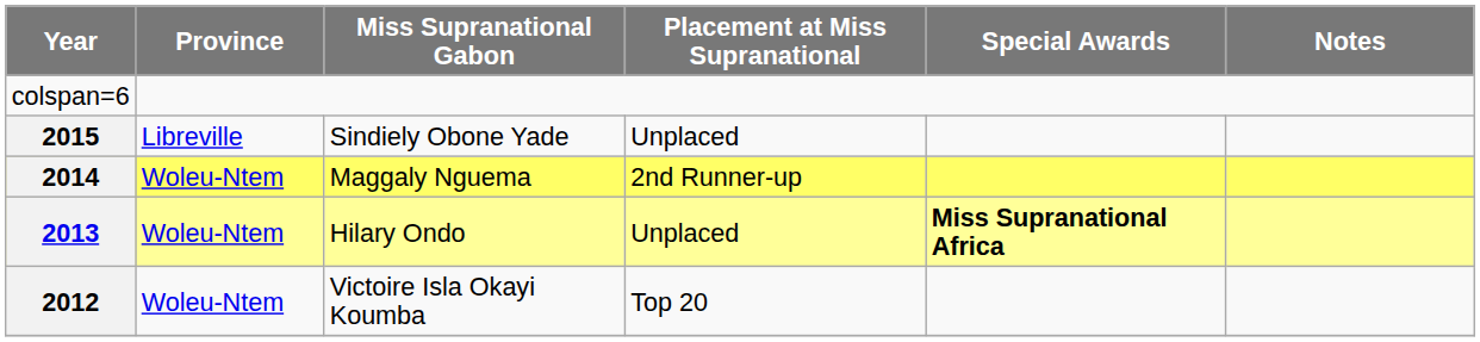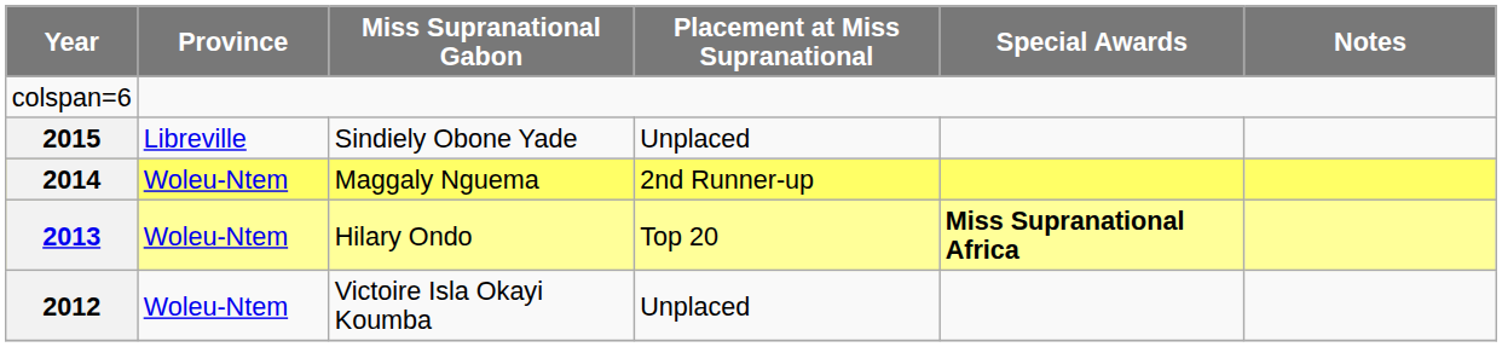 <table class="wikitable " style="font-size: 95%;">
 <tr>
 <th width="60" style="background-color:#787878;color:#FFFFFF;">Year</th>
 <th width="150" style="background-color:#787878;color:#FFFFFF;">Province</th>
 <th width="250" style="background-color:#787878;color:#FFFFFF;">Miss Supranational Gabon</th>
 <th width="250" style="background-color:#787878;color:#FFFFFF;">Placement at Miss Supranational</th>
 <th width="250" style="background-color:#787878;color:#FFFFFF;">Special Awards</th>
 <th width="250" style="background-color:#787878;color:#FFFFFF;">Notes</th>
 </tr>
 <tr>
 <td>colspan=6 </td>
 </tr>
 <tr>
 <th>2015</th>
 <td><a href='#'>Libreville</a></td>
 <td>Sindiely Obone Yade</td>
 <td>Unplaced</td>
 <td></td>
 <td></td>
 </tr>
 <tr style="background-color:#FFFF66; ">
 <th>2014</th>
 <td><a href='#'>Woleu-Ntem</a></td>
 <td>Maggaly Nguema</td>
 <td>2nd Runner-up</td>
 <td></td>
 <td></td>
 </tr>
 <tr style="background-color:#FFFF99;">
 <th><a href='#'>2013</a></th>
 <td><a href='#'>Woleu-Ntem</a></td>
 <td>Hilary Ondo</td>
-<td>Unplaced</td>
+<td>Top 20</td>
 <td><strong>Miss Supranational Africa</strong></td>
 <td></td>
 </tr>
 <tr>
 <th>2012</th>
 <td><a href='#'>Woleu-Ntem</a></td>
 <td>Victoire Isla Okayi Koumba</td>
-<td>Top 20</td>
+<td>Unplaced</td>
 <td></td>
 <td></td>
 </tr>
 <tr>
 </tr>
 </table>
